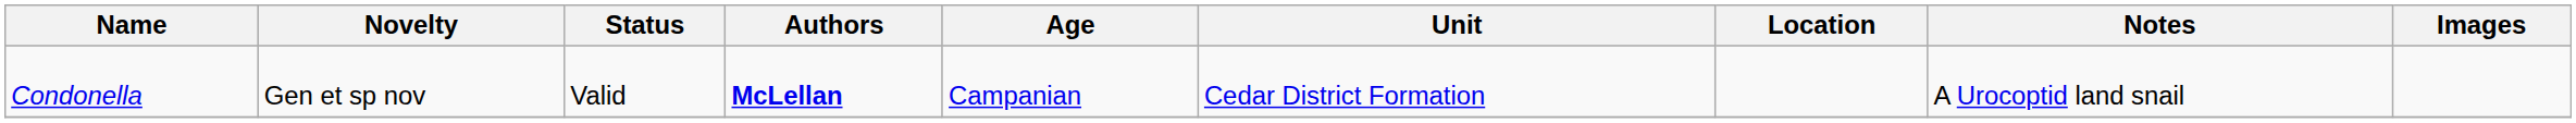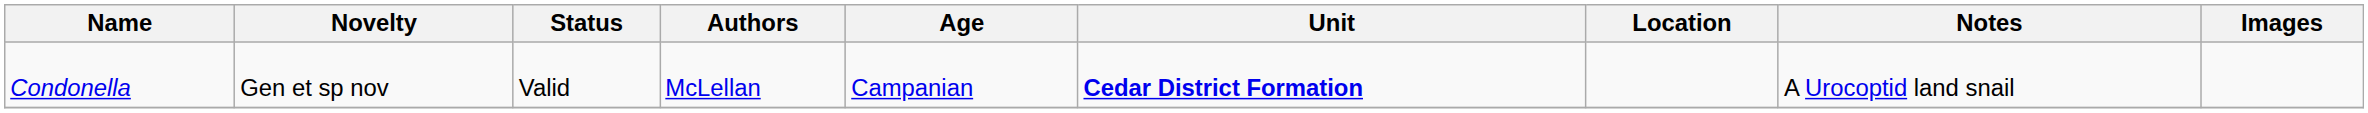 <table class="wikitable sortable" align="center" width="100%">
 <tr>
 <th>Name</th>
 <th>Novelty</th>
 <th>Status</th>
 <th>Authors</th>
 <th>Age</th>
 <th>Unit</th>
 <th>Location</th>
 <th>Notes</th>
 <th>Images</th>
 </tr>
 <tr>
 <td><br><em><a href='#'>Condonella</a></em></td>
 <td><br>Gen et sp nov</td>
 <td><br>Valid</td>
-<td><strong><br><a href='#'>McLellan</a></strong></td>
+<td><br><a href='#'>McLellan</a></td>
 <td><br><a href='#'>Campanian</a></td>
-<td><br><a href='#'>Cedar District Formation</a></td>
+<td><strong><br><a href='#'>Cedar District Formation</a></strong></td>
 <td></td>
 <td><br>A <a href='#'>Urocoptid</a> land snail</td>
 <td></td>
 </tr>
 <tr>
 </tr>
 </table>
